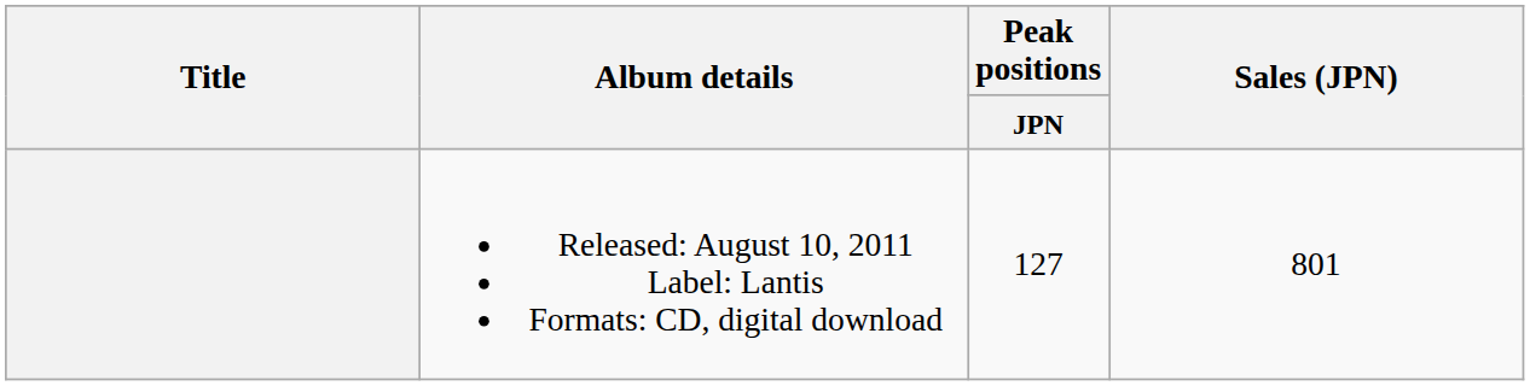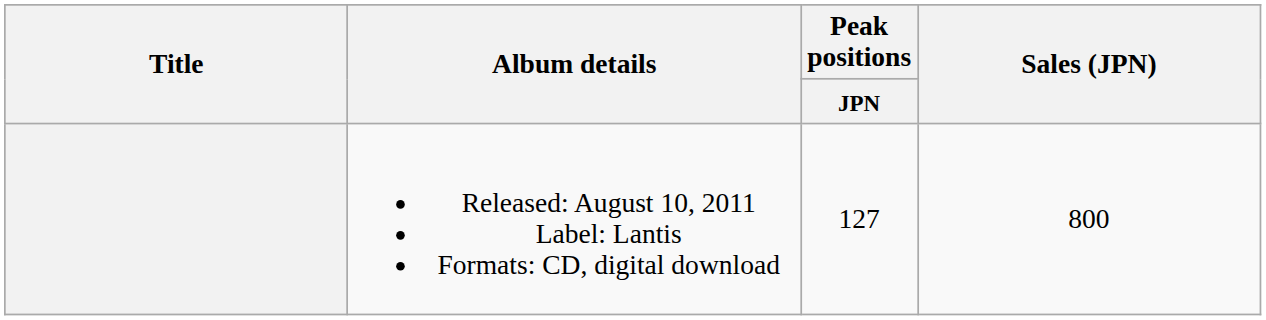 <table class="wikitable plainrowheaders" style="text-align:center;">
 <tr>
 <th style="width:12em;" rowspan="2">Title</th>
 <th style="width:16em;" rowspan="2">Album details</th>
 <th colspan="1">Peak positions</th>
 <th style="width:12em;" rowspan="2">Sales (JPN)</th>
 </tr>
 <tr>
 <th style="width:2.5em;"><small>JPN</small><br></th>
 </tr>
 <tr>
 <th scope="row"></th>
 <td><br><ul><li>Released: August 10, 2011</li><li>Label: Lantis</li><li>Formats: CD, digital download</li></ul></td>
 <td>127</td>
-<td>801</td>
+<td>800</td>
 </tr>
 </table>
